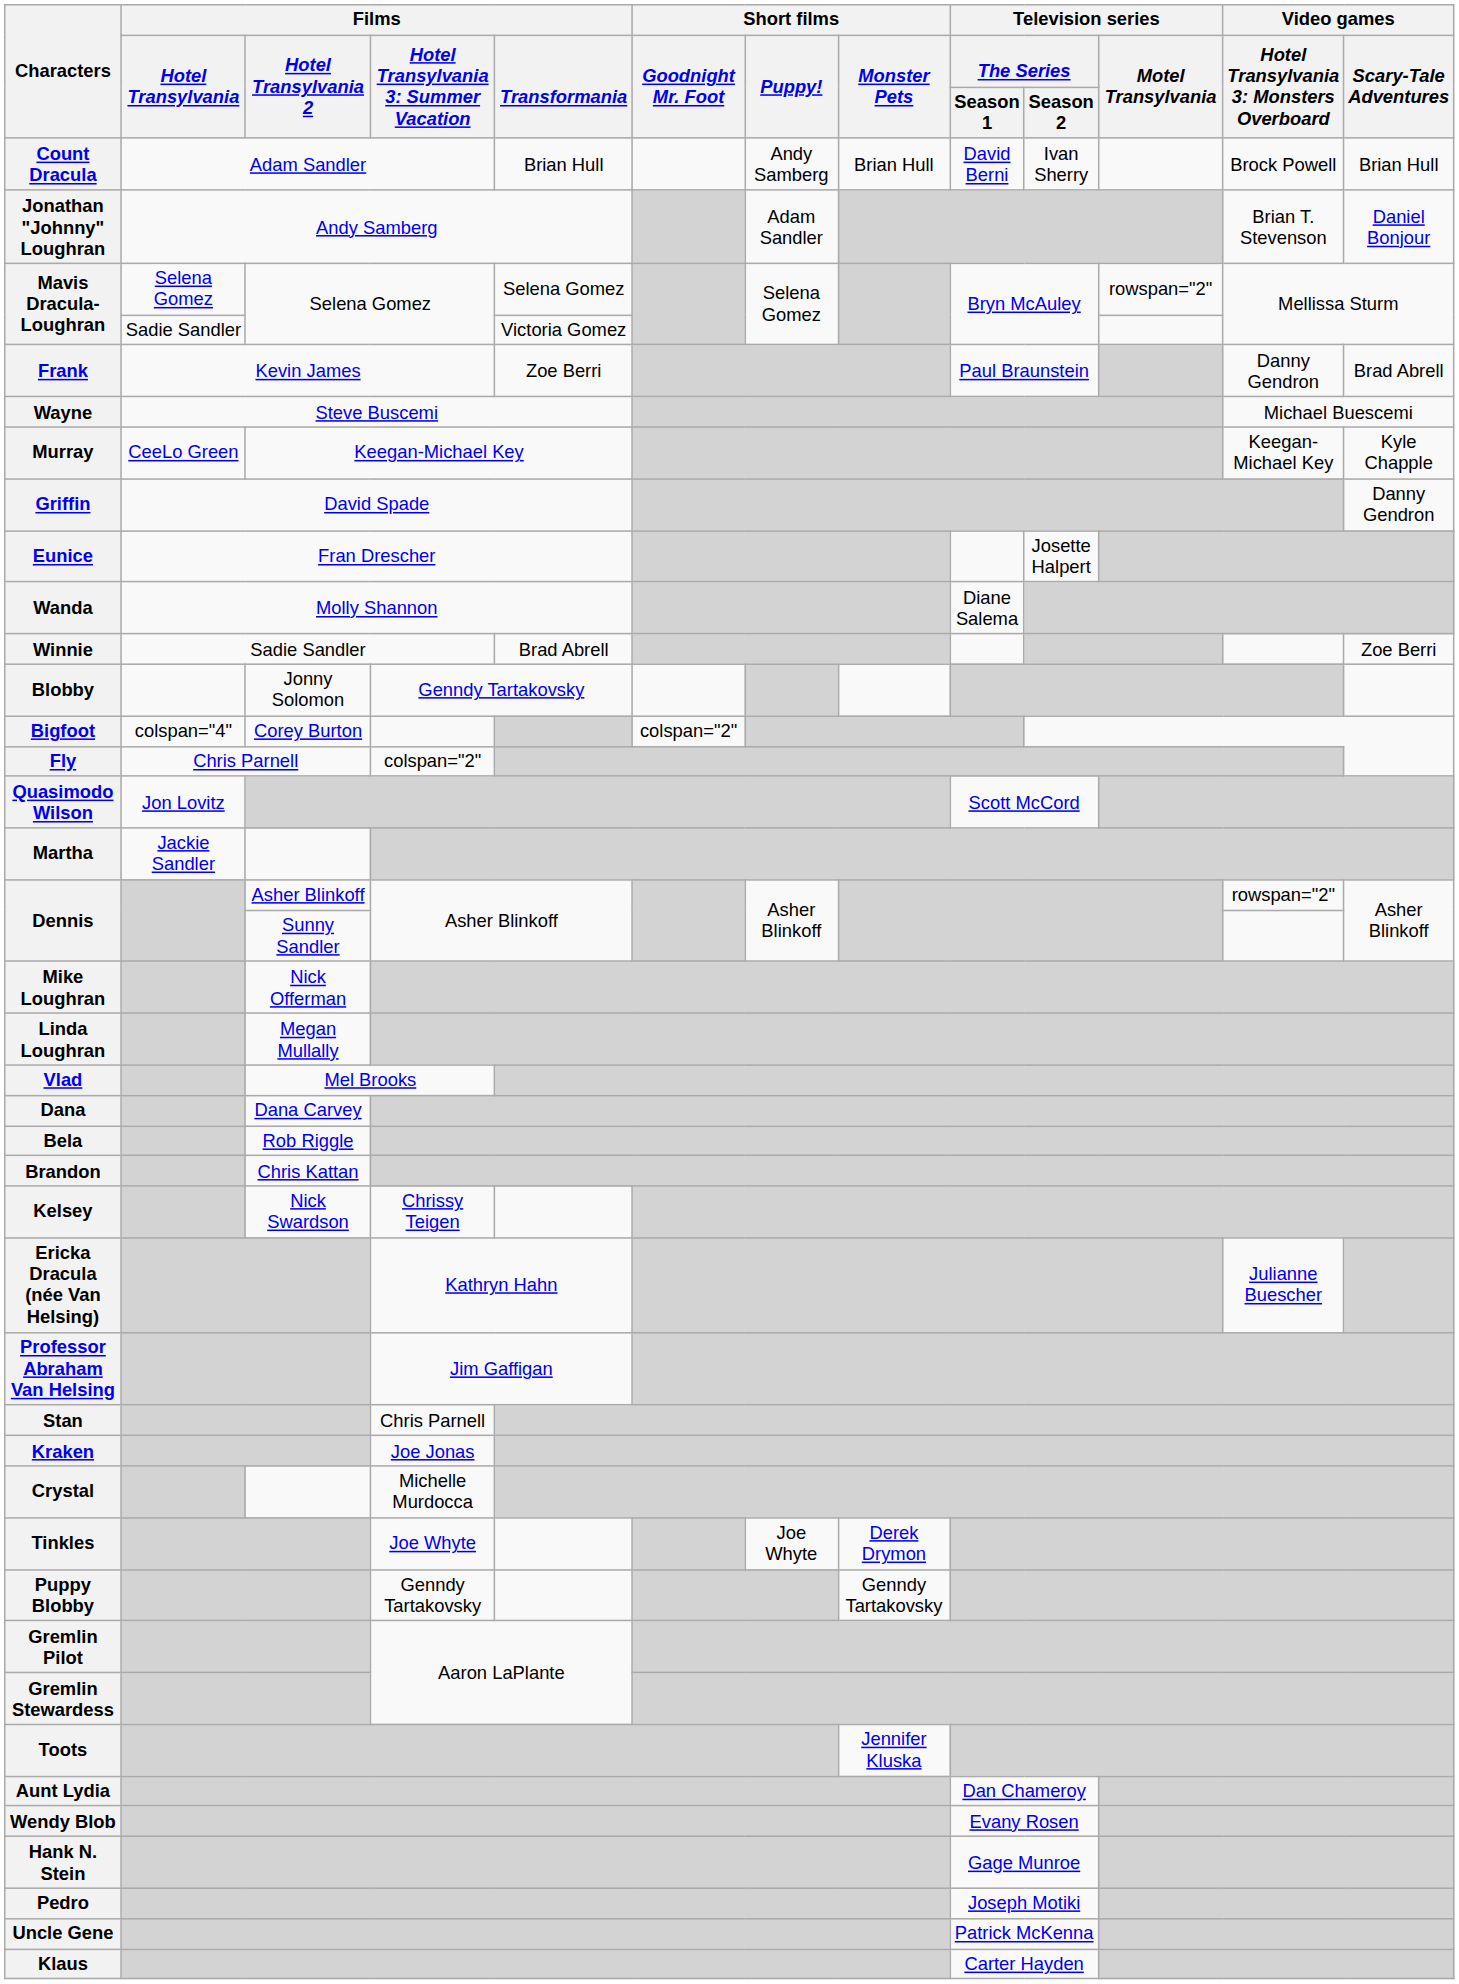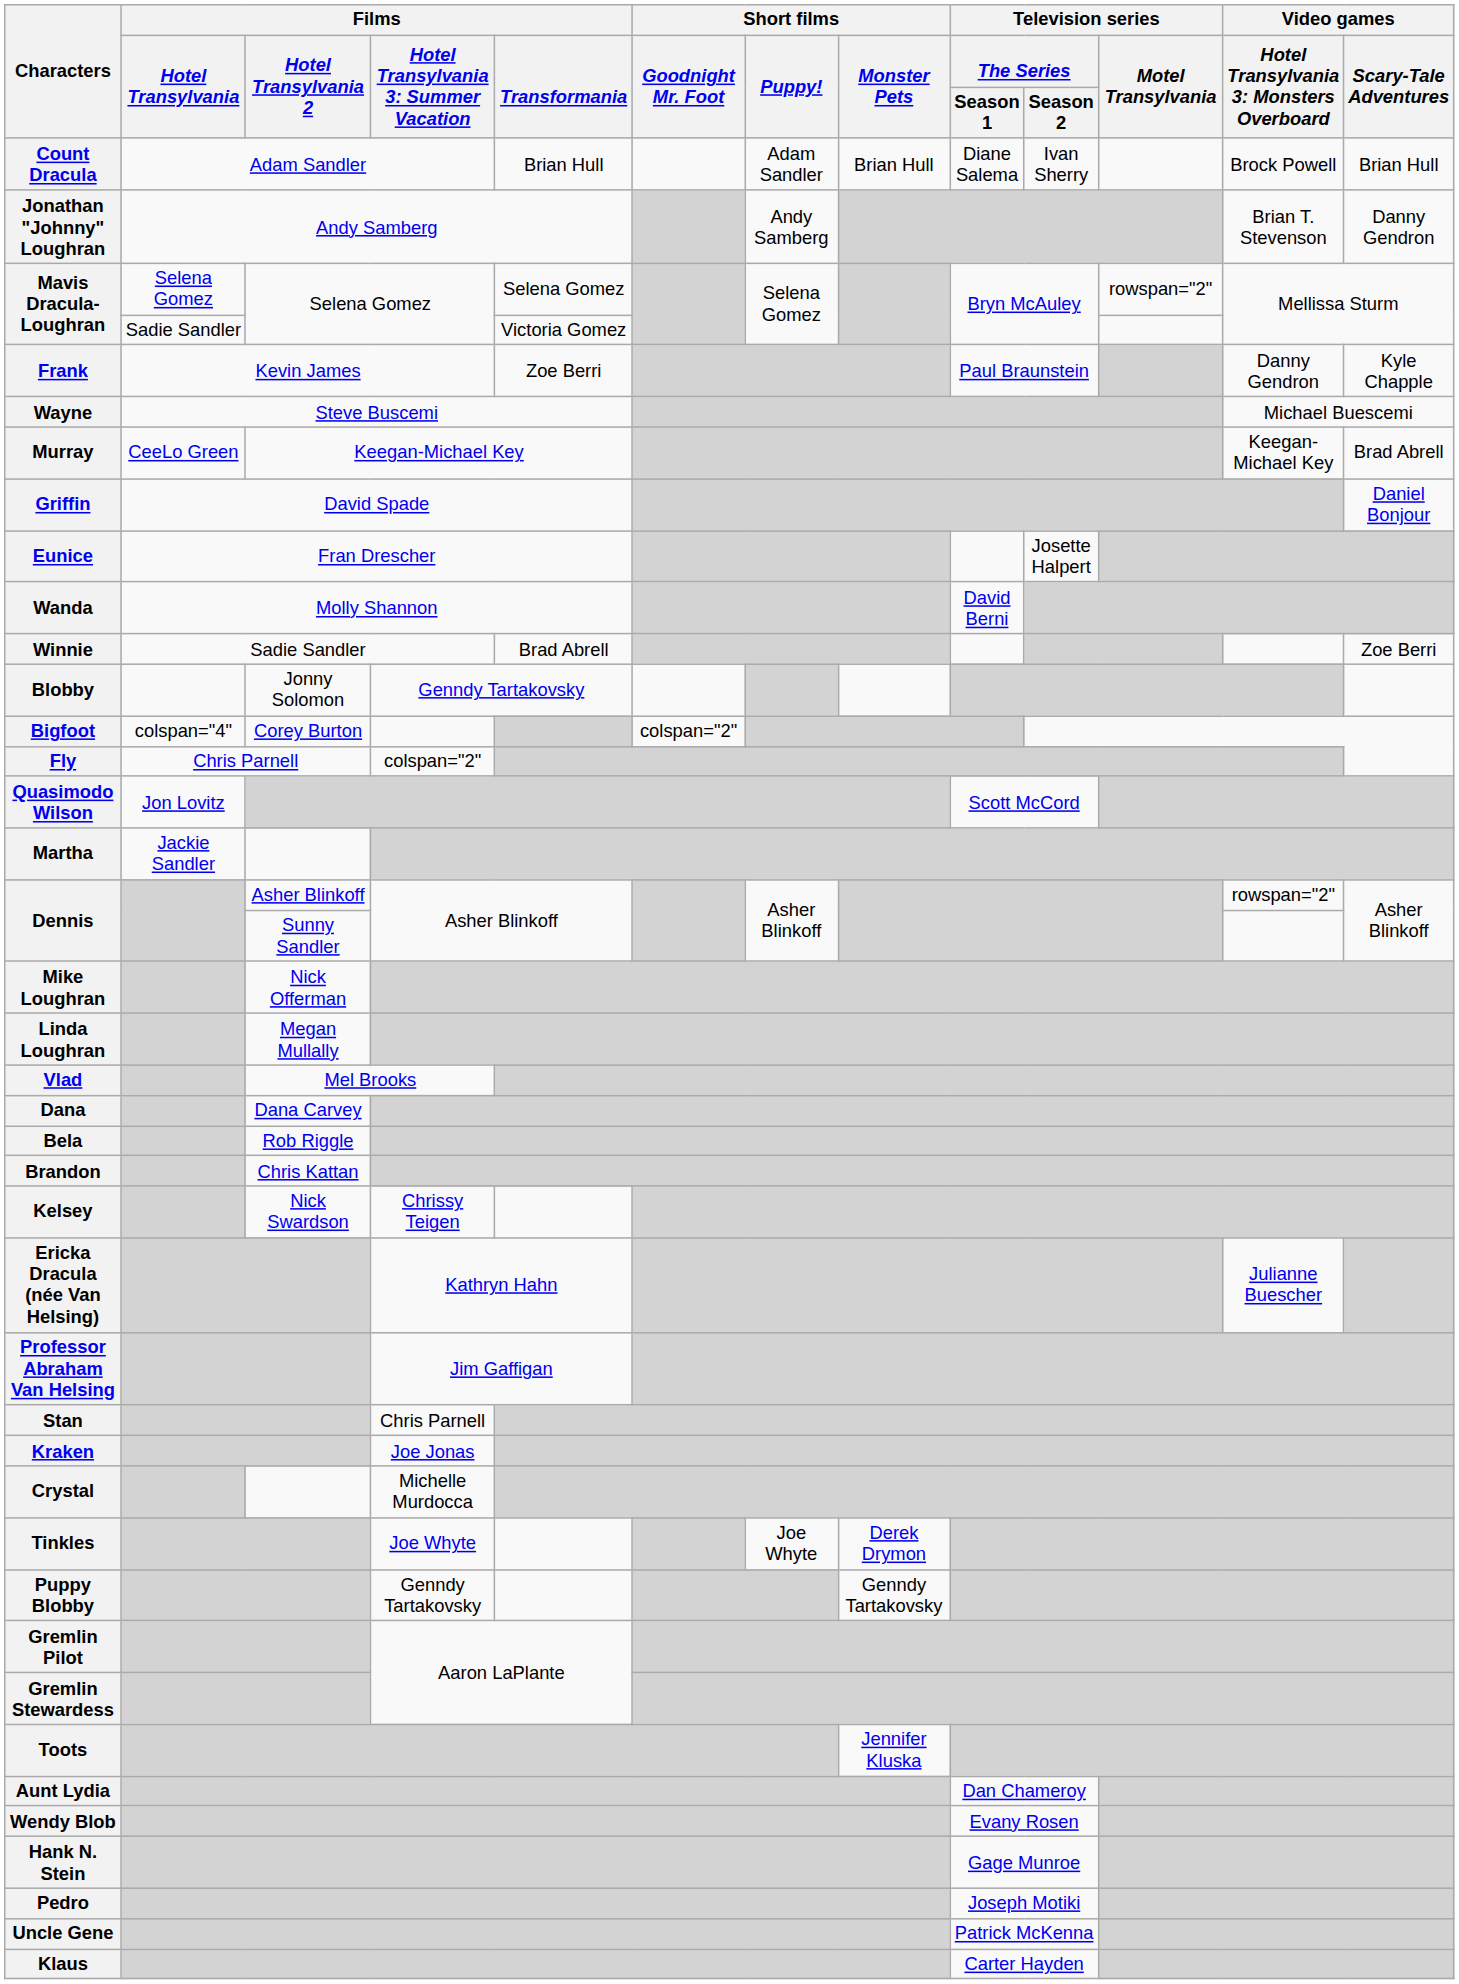 <table class="wikitable" style="text-align:center; font-size:75%; width:75%;">
 <tr>
 <th rowspan="3" width="10%">Characters</th>
 <th colspan="4">Films</th>
 <th colspan="3">Short films</th>
 <th colspan="3">Television series</th>
 <th colspan="2">Video games</th>
 </tr>
 <tr>
 <th rowspan="2" width="10%"><em><a href='#'>Hotel Transylvania</a></em></th>
 <th rowspan="2" width="10%"><em><a href='#'>Hotel Transylvania 2</a></em></th>
 <th rowspan="2" width="10%"><em><a href='#'>Hotel Transylvania 3: Summer Vacation</a></em></th>
 <th rowspan="2" width="10%"><em><a href='#'><br>Transformania</a></em></th>
 <th rowspan="2" width="10%"><em><a href='#'>Goodnight Mr. Foot</a></em></th>
 <th rowspan="2" width="10%"><em><a href='#'>Puppy!</a></em></th>
 <th rowspan="2" width="10%"><em><a href='#'>Monster Pets</a></em></th>
 <th colspan="2" width="10%"><em><a href='#'><br>The Series</a></em></th>
 <th rowspan="2" width="10%"><em>Motel Transylvania</em></th>
 <th rowspan="2" width="10%"><em>Hotel Transylvania 3: Monsters Overboard</em></th>
 <th rowspan="2" width="10%"><em> Scary-Tale Adventures</em></th>
 </tr>
 <tr>
 <th>Season 1</th>
 <th>Season 2</th>
 </tr>
 <tr>
 <th><a href='#'>Count Dracula</a></th>
 <td colspan="3"><a href='#'>Adam Sandler</a></td>
 <td>Brian Hull</td>
 <td></td>
-<td>Andy Samberg</td>
+<td>Adam Sandler</td>
 <td>Brian Hull</td>
-<td><a href='#'>David Berni</a></td>
+<td>Diane Salema</td>
 <td>Ivan Sherry</td>
 <td></td>
 <td>Brock Powell</td>
 <td>Brian Hull</td>
 </tr>
 <tr>
 <th>Jonathan "Johnny" Loughran</th>
 <td colspan="4"><a href='#'>Andy Samberg</a></td>
 <td style="background-color:#D3D3D3;"></td>
-<td>Adam Sandler</td>
+<td>Andy Samberg</td>
 <td colspan="4" style="background-color:#D3D3D3;"></td>
 <td>Brian T. Stevenson</td>
-<td><a href='#'>Daniel Bonjour</a></td>
+<td>Danny Gendron</td>
 </tr>
 <tr>
 <th rowspan="2">Mavis Dracula-Loughran</th>
 <td><a href='#'>Selena Gomez</a></td>
 <td rowspan="2" colspan="2">Selena Gomez</td>
 <td>Selena Gomez</td>
 <td rowspan="2" style="background-color:#D3D3D3;"></td>
 <td rowspan="2">Selena Gomez</td>
 <td rowspan="2" style="background-color:#D3D3D3;"></td>
 <td colspan="2" rowspan="2"><a href='#'>Bryn McAuley</a></td>
 <td>rowspan="2" </td>
 <td colspan="2" rowspan="2">Mellissa Sturm</td>
 </tr>
 <tr>
 <td>Sadie Sandler</td>
 <td>Victoria Gomez</td>
 </tr>
 <tr>
 <th><a href='#'>Frank</a></th>
 <td colspan="3"><a href='#'>Kevin James</a></td>
 <td>Zoe Berri</td>
 <td colspan="3" style="background-color:#D3D3D3;"></td>
 <td colspan="2"><a href='#'>Paul Braunstein</a></td>
 <td style="background-color:#D3D3D3;"></td>
 <td>Danny Gendron</td>
-<td>Brad Abrell</td>
+<td>Kyle Chapple</td>
 </tr>
 <tr>
 <th>Wayne</th>
 <td colspan="4"><a href='#'>Steve Buscemi</a></td>
 <td colspan="6" style="background-color:#D3D3D3;"></td>
 <td colspan="2">Michael Buescemi</td>
 </tr>
 <tr>
 <th>Murray</th>
 <td><a href='#'>CeeLo Green</a></td>
 <td colspan="3"><a href='#'>Keegan-Michael Key</a></td>
 <td colspan="6" style="background-color:#D3D3D3;"></td>
 <td>Keegan-Michael Key</td>
-<td>Kyle Chapple</td>
+<td>Brad Abrell</td>
 </tr>
 <tr>
 <th><a href='#'>Griffin</a></th>
 <td colspan="4"><a href='#'>David Spade</a></td>
 <td colspan="7" style="background-color:#D3D3D3;"></td>
-<td>Danny Gendron</td>
+<td><a href='#'>Daniel Bonjour</a></td>
 </tr>
 <tr>
 <th><a href='#'>Eunice</a></th>
 <td colspan="4"><a href='#'>Fran Drescher</a></td>
 <td colspan="3" style="background-color:#D3D3D3;"></td>
 <td></td>
 <td>Josette Halpert</td>
 <td colspan="4" style="background-color:#D3D3D3;"></td>
 </tr>
 <tr>
 <th>Wanda</th>
 <td colspan="4"><a href='#'>Molly Shannon</a></td>
 <td colspan="3" style="background-color:#D3D3D3;"></td>
-<td>Diane Salema</td>
+<td><a href='#'>David Berni</a></td>
 <td colspan="4" style="background-color:#D3D3D3;"></td>
 </tr>
 <tr>
 <th>Winnie</th>
 <td colspan="3">Sadie Sandler</td>
 <td>Brad Abrell</td>
 <td colspan="3" style="background-color:#D3D3D3;"></td>
 <td></td>
 <td colspan="2" style="background-color:#D3D3D3;"></td>
 <td></td>
 <td>Zoe Berri</td>
 </tr>
 <tr>
 <th>Blobby</th>
 <td></td>
 <td>Jonny Solomon</td>
 <td colspan="2"><a href='#'>Genndy Tartakovsky</a></td>
 <td></td>
 <td style="background-color:#D3D3D3;"></td>
 <td></td>
 <td colspan="4" style="background-color:#D3D3D3;"></td>
 <td></td>
 </tr>
 <tr>
 <th><a href='#'>Bigfoot</a></th>
 <td>colspan="4" </td>
 <td><a href='#'>Corey Burton</a></td>
 <td></td>
 <td style="background-color:#D3D3D3;"></td>
 <td>colspan="2" </td>
 <td colspan="3" style="background-color:#D3D3D3;"></td>
 </tr>
 <tr>
 <th><a href='#'>Fly</a></th>
 <td colspan="2"><a href='#'>Chris Parnell</a></td>
 <td>colspan="2" </td>
 <td colspan="8" style="background-color:#D3D3D3;"></td>
 </tr>
 <tr>
 <th><a href='#'>Quasimodo Wilson</a></th>
 <td><a href='#'>Jon Lovitz</a></td>
 <td colspan="6" style="background-color:#D3D3D3;"></td>
 <td colspan="2"><a href='#'>Scott McCord</a></td>
 <td colspan="3" style="background-color:#D3D3D3;"></td>
 </tr>
 <tr>
 <th>Martha</th>
 <td><a href='#'>Jackie Sandler</a></td>
 <td></td>
 <td colspan="10" style="background-color:#D3D3D3;"></td>
 </tr>
 <tr>
 <th rowspan="2">Dennis</th>
 <td rowspan="2" style="background-color:#D3D3D3;"></td>
 <td><a href='#'>Asher Blinkoff</a></td>
 <td rowspan="2" colspan="2">Asher Blinkoff</td>
 <td rowspan="2" style="background-color:#D3D3D3;"></td>
 <td rowspan="2">Asher Blinkoff</td>
 <td rowspan="2" colspan="4" style="background-color:#D3D3D3;"></td>
 <td>rowspan="2" </td>
 <td rowspan="2">Asher Blinkoff</td>
 </tr>
 <tr>
 <td><a href='#'>Sunny Sandler</a></td>
 </tr>
 <tr>
 <th>Mike Loughran</th>
 <td style="background-color:#D3D3D3;"></td>
 <td><a href='#'>Nick Offerman</a></td>
 <td colspan="10" style="background-color:#D3D3D3;"></td>
 </tr>
 <tr>
 <th>Linda Loughran</th>
 <td style="background-color:#D3D3D3;"></td>
 <td><a href='#'>Megan Mullally</a></td>
 <td colspan="10" style="background-color:#D3D3D3;"></td>
 </tr>
 <tr>
 <th><a href='#'>Vlad</a></th>
 <td style="background-color:#D3D3D3;"></td>
 <td colspan="2"><a href='#'>Mel Brooks</a></td>
 <td colspan="9" style="background-color:#D3D3D3;"></td>
 </tr>
 <tr>
 <th>Dana</th>
 <td style="background-color:#D3D3D3;"></td>
 <td><a href='#'>Dana Carvey</a></td>
 <td colspan="10" style="background-color:#D3D3D3;"></td>
 </tr>
 <tr>
 <th>Bela</th>
 <td style="background-color:#D3D3D3;"></td>
 <td><a href='#'>Rob Riggle</a></td>
 <td colspan="10" style="background-color:#D3D3D3;"></td>
 </tr>
 <tr>
 <th>Brandon<br></th>
 <td style="background-color:#D3D3D3;"></td>
 <td><a href='#'>Chris Kattan</a></td>
 <td colspan="10" style="background-color:#D3D3D3;"></td>
 </tr>
 <tr>
 <th>Kelsey</th>
 <td style="background-color:#D3D3D3;"></td>
 <td><a href='#'>Nick Swardson</a></td>
 <td><a href='#'>Chrissy Teigen</a></td>
 <td></td>
 <td colspan="8" style="background-color:#D3D3D3;"></td>
 </tr>
 <tr>
 <th>Ericka Dracula<br>(née Van Helsing)</th>
 <td colspan="2" style="background-color:#D3D3D3;"></td>
 <td colspan="2"><a href='#'>Kathryn Hahn</a></td>
 <td colspan="6" style="background-color:#D3D3D3;"></td>
 <td><a href='#'>Julianne Buescher</a></td>
 <td style="background-color:#D3D3D3;"></td>
 </tr>
 <tr>
 <th><a href='#'>Professor Abraham Van Helsing</a></th>
 <td colspan="2" style="background-color:#D3D3D3;"></td>
 <td colspan="2"><a href='#'>Jim Gaffigan</a></td>
 <td colspan="8" style="background-color:#D3D3D3;"></td>
 </tr>
 <tr>
 <th>Stan</th>
 <td colspan="2" style="background-color:#D3D3D3;"></td>
 <td>Chris Parnell</td>
 <td colspan="9" style="background-color:#D3D3D3;"></td>
 </tr>
 <tr>
 <th><a href='#'>Kraken</a></th>
 <td colspan="2" style="background-color:#D3D3D3;"></td>
 <td><a href='#'>Joe Jonas</a></td>
 <td colspan="9" style="background-color:#D3D3D3;"></td>
 </tr>
 <tr>
 <th>Crystal</th>
 <td style="background-color:#D3D3D3;"></td>
 <td></td>
 <td>Michelle Murdocca</td>
 <td colspan="9" style="background-color:#D3D3D3;"></td>
 </tr>
 <tr>
 <th>Tinkles</th>
 <td colspan="2" style="background-color:#D3D3D3;"></td>
 <td><a href='#'>Joe Whyte</a></td>
 <td></td>
 <td style="background-color:#D3D3D3;"></td>
 <td>Joe Whyte</td>
 <td><a href='#'>Derek Drymon</a></td>
 <td colspan="5" style="background-color:#D3D3D3;"></td>
 </tr>
 <tr>
 <th>Puppy Blobby</th>
 <td colspan="2" style="background-color:#D3D3D3;"></td>
 <td>Genndy Tartakovsky</td>
 <td></td>
 <td colspan="2" style="background-color:#D3D3D3;"></td>
 <td>Genndy Tartakovsky</td>
 <td colspan="5" style="background-color:#D3D3D3;"></td>
 </tr>
 <tr>
 <th>Gremlin Pilot</th>
 <td colspan="2" style="background-color:#D3D3D3;"></td>
 <td rowspan="2" colspan="2">Aaron LaPlante</td>
 <td colspan="8" style="background-color:#D3D3D3;"></td>
 </tr>
 <tr>
 <th>Gremlin Stewardess</th>
 <td colspan="2" style="background-color:#D3D3D3;"></td>
 <td colspan="8" style="background-color:#D3D3D3;"></td>
 </tr>
 <tr>
 <th>Toots</th>
 <td colspan="6" style="background-color:#D3D3D3;"></td>
 <td><a href='#'>Jennifer Kluska</a></td>
 <td colspan="5" style="background-color:#D3D3D3;"></td>
 </tr>
 <tr>
 <th>Aunt Lydia</th>
 <td colspan="7" style="background-color:#D3D3D3;"></td>
 <td colspan="2"><a href='#'>Dan Chameroy</a></td>
 <td colspan="3" style="background-color:#D3D3D3;"></td>
 </tr>
 <tr>
 <th>Wendy Blob</th>
 <td colspan="7" style="background-color:#D3D3D3;"></td>
 <td colspan="2"><a href='#'>Evany Rosen</a></td>
 <td colspan="3" style="background-color:#D3D3D3;"></td>
 </tr>
 <tr>
 <th>Hank N. Stein</th>
 <td colspan="7" style="background-color:#D3D3D3;"></td>
 <td colspan="2"><a href='#'>Gage Munroe</a></td>
 <td colspan="3" style="background-color:#D3D3D3;"></td>
 </tr>
 <tr>
 <th>Pedro</th>
 <td colspan="7" style="background-color:#D3D3D3;"></td>
 <td colspan="2"><a href='#'>Joseph Motiki</a></td>
 <td colspan="3" style="background-color:#D3D3D3;"></td>
 </tr>
 <tr>
 <th>Uncle Gene</th>
 <td colspan="7" style="background-color:#D3D3D3;"></td>
 <td colspan="2"><a href='#'>Patrick McKenna</a></td>
 <td colspan="3" style="background-color:#D3D3D3;"></td>
 </tr>
 <tr>
 <th>Klaus</th>
 <td colspan="7" style="background-color:#D3D3D3;"></td>
 <td colspan="2"><a href='#'>Carter Hayden</a></td>
 <td colspan="3" style="background-color:#D3D3D3;"></td>
 </tr>
 </table>
